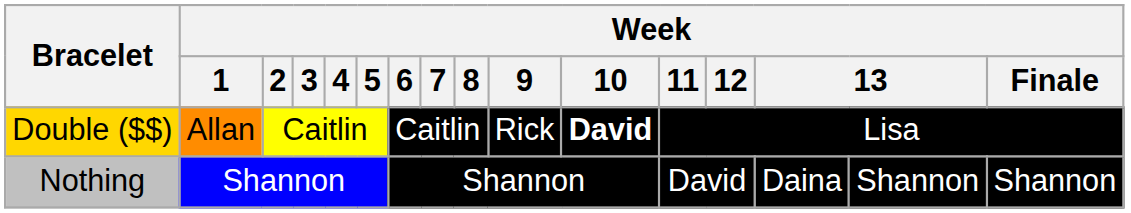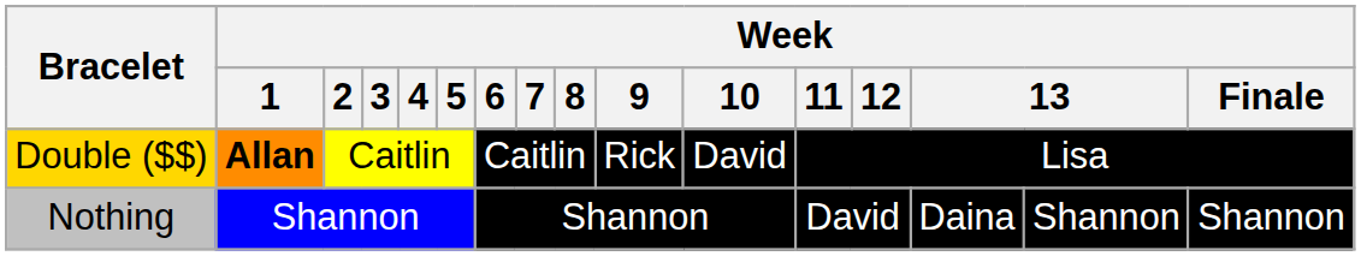 <table class="wikitable" style="text-align:center; font-size:90%; line-height:17px">
 <tr>
 <th rowspan=2>Bracelet</th>
 <th colspan=15>Week</th>
 </tr>
 <tr>
 <th>1</th>
 <th>2</th>
 <th>3</th>
 <th>4</th>
 <th>5</th>
 <th>6</th>
 <th>7</th>
 <th>8</th>
 <th>9</th>
 <th>10</th>
 <th>11</th>
 <th>12</th>
 <th colspan=2>13</th>
 <th>Finale</th>
 </tr>
 <tr>
 <td style="background:gold;">Double ($$)</td>
-<td style="background:darkorange;">Allan</td>
+<td style="background:darkorange;"><strong>Allan</strong></td>
 <td style="background:yellow;" colspan=4>Caitlin</td>
 <td style="background:black;color:white;" colspan=3>Caitlin</td>
 <td style="background:black;color:white;">Rick</td>
-<td style="background:black;color:white;"><strong>David</strong></td>
+<td style="background:black;color:white;">David</td>
 <td style="background:black;color:white;" colspan=5>Lisa</td>
 </tr>
 <tr>
 <td style="background:silver;">Nothing</td>
 <td style="background:blue;color:white;" colspan=5>Shannon</td>
 <td style="background:black;color:white;" colspan=5>Shannon</td>
 <td style="background:black;color:white;" colspan=2>David</td>
 <td style="background:black;color:white;">Daina</td>
 <td style="background:black;color:white;">Shannon</td>
 <td style="background:black;color:white;">Shannon</td>
 </tr>
 </table>
